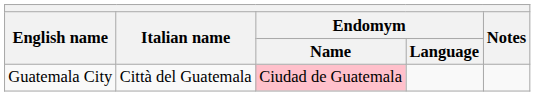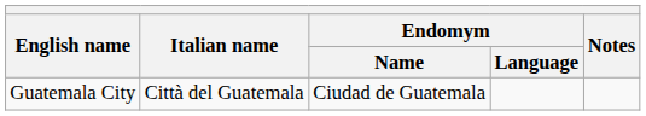 <table class="wikitable sortable">
 <tr>
 <th colspan="5"></th>
 </tr>
 <tr>
 <th rowspan="2">English name</th>
 <th rowspan="2">Italian name</th>
 <th colspan="2">Endomym</th>
 <th rowspan="2">Notes</th>
 </tr>
 <tr>
 <th>Name</th>
 <th>Language</th>
 </tr>
 <tr>
 <td>Guatemala City</td>
 <td>Città del Guatemala</td>
-<td style="background: pink;">Ciudad de Guatemala</td>
+<td>Ciudad de Guatemala</td>
 <td></td>
 <td></td>
 </tr>
 </table>
